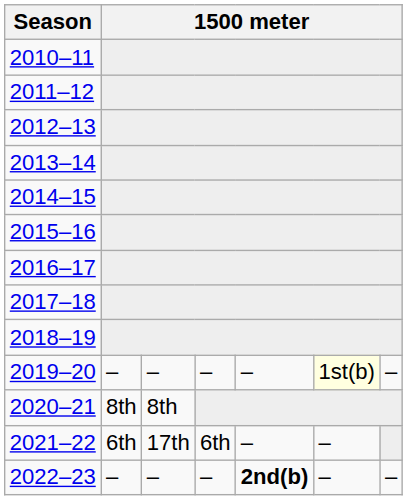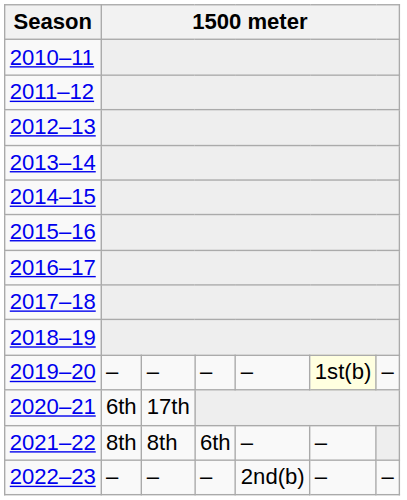 <table class="wikitable" style="display: inline-table;">
 <tr>
 <th>Season</th>
 <th colspan="6">1500 meter</th>
 </tr>
 <tr>
 <td><a href='#'>2010–11</a></td>
 <td colspan="6" bgcolor=#EEEEEE></td>
 </tr>
 <tr>
 <td><a href='#'>2011–12</a></td>
 <td colspan="6" bgcolor=#EEEEEE></td>
 </tr>
 <tr>
 <td><a href='#'>2012–13</a></td>
 <td colspan="6" bgcolor=#EEEEEE></td>
 </tr>
 <tr>
 <td><a href='#'>2013–14</a></td>
 <td colspan="6" bgcolor=#EEEEEE></td>
 </tr>
 <tr>
 <td><a href='#'>2014–15</a></td>
 <td colspan="6" bgcolor=#EEEEEE></td>
 </tr>
 <tr>
 <td><a href='#'>2015–16</a></td>
 <td colspan="6" bgcolor=#EEEEEE></td>
 </tr>
 <tr>
 <td><a href='#'>2016–17</a></td>
 <td colspan="6" bgcolor=#EEEEEE></td>
 </tr>
 <tr>
 <td><a href='#'>2017–18</a></td>
 <td colspan="6" bgcolor=#EEEEEE></td>
 </tr>
 <tr>
 <td><a href='#'>2018–19</a></td>
 <td colspan="6" bgcolor=#EEEEEE></td>
 </tr>
 <tr>
 <td><a href='#'>2019–20</a></td>
 <td>–</td>
 <td>–</td>
 <td>–</td>
 <td>–</td>
 <td style="background: lightyellow;">1st(b)</td>
 <td>–</td>
 </tr>
 <tr>
 <td><a href='#'>2020–21</a></td>
-<td>8th</td>
-<td>8th</td>
+<td>6th</td>
+<td>17th</td>
 <td colspan="4" bgcolor=#EEEEEE></td>
 </tr>
 <tr>
 <td><a href='#'>2021–22</a></td>
-<td>6th</td>
-<td>17th</td>
+<td>8th</td>
+<td>8th</td>
 <td>6th</td>
 <td>–</td>
 <td>–</td>
 <td colspan="1" bgcolor=#EEEEEE></td>
 </tr>
 <tr>
 <td><a href='#'>2022–23</a></td>
 <td>–</td>
 <td>–</td>
 <td>–</td>
-<td><strong>2nd(b)</strong></td>
+<td>2nd(b)</td>
 <td>–</td>
 <td>–</td>
 </tr>
 </table>
